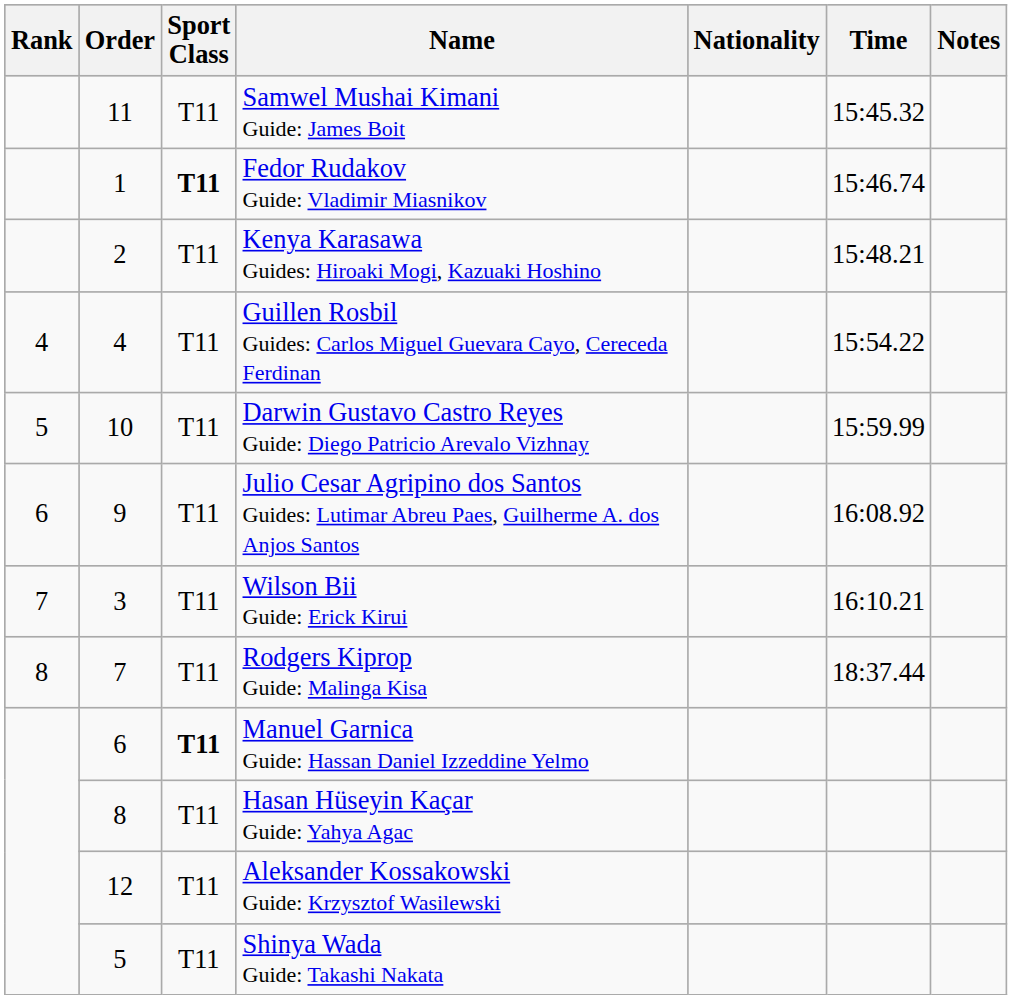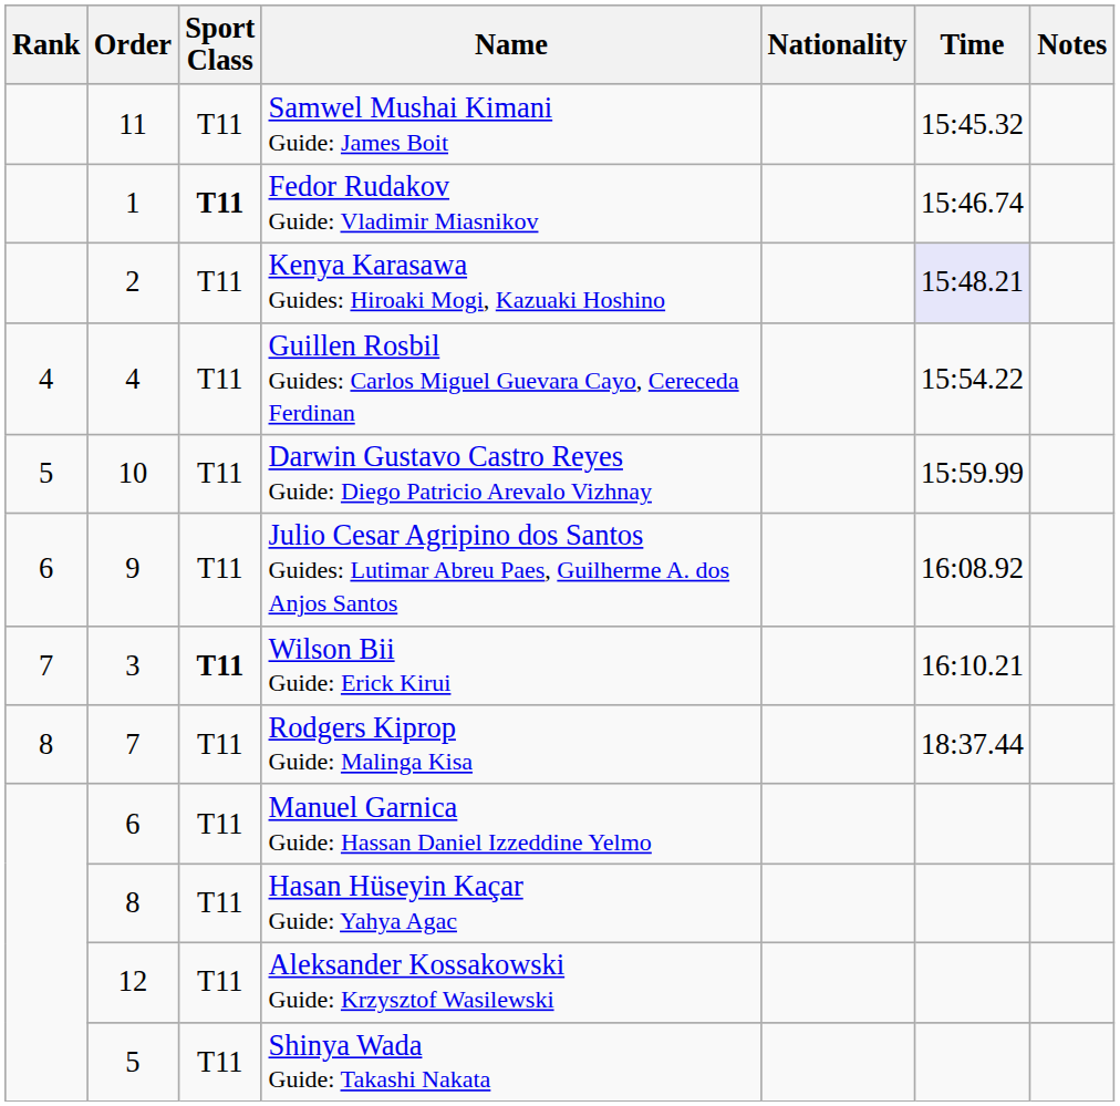 <table class="wikitable sortable" style="text-align:center">
 <tr>
 <th>Rank</th>
 <th>Order</th>
 <th>Sport<br>Class</th>
 <th>Name</th>
 <th>Nationality</th>
 <th>Time</th>
 <th>Notes</th>
 </tr>
 <tr>
 <td></td>
 <td>11</td>
 <td>T11</td>
 <td align="left"><a href='#'>Samwel Mushai Kimani</a><br><small>Guide: <a href='#'>James Boit</a></small></td>
 <td align="left"></td>
 <td>15:45.32</td>
 <td></td>
 </tr>
 <tr>
 <td></td>
 <td>1</td>
 <td><strong>T11</strong></td>
 <td align="left"><a href='#'>Fedor Rudakov</a><br><small>Guide: <a href='#'>Vladimir Miasnikov</a></small></td>
 <td align="left"></td>
 <td>15:46.74</td>
 <td></td>
 </tr>
 <tr>
 <td></td>
 <td>2</td>
 <td>T11</td>
 <td align="left"><a href='#'>Kenya Karasawa</a><br><small>Guides: <a href='#'>Hiroaki Mogi</a>, <a href='#'>Kazuaki Hoshino</a></small></td>
 <td align="left"></td>
-<td>15:48.21</td>
+<td style="background: lavender;">15:48.21</td>
 <td></td>
 </tr>
 <tr>
 <td>4</td>
 <td>4</td>
 <td>T11</td>
 <td align="left"><a href='#'>Guillen Rosbil</a><br><small>Guides: <a href='#'>Carlos Miguel Guevara Cayo</a>, <a href='#'>Cereceda Ferdinan</a></small></td>
 <td align="left"></td>
 <td>15:54.22</td>
 <td></td>
 </tr>
 <tr>
 <td>5</td>
 <td>10</td>
 <td>T11</td>
 <td align="left"><a href='#'>Darwin Gustavo Castro Reyes</a><br><small>Guide: <a href='#'>Diego Patricio Arevalo Vizhnay</a></small></td>
 <td align="left"></td>
 <td>15:59.99</td>
 <td></td>
 </tr>
 <tr>
 <td>6</td>
 <td>9</td>
 <td>T11</td>
 <td align="left"><a href='#'>Julio Cesar Agripino dos Santos</a><br><small>Guides: <a href='#'>Lutimar Abreu Paes</a>, <a href='#'>Guilherme A. dos Anjos Santos</a></small></td>
 <td align="left"></td>
 <td>16:08.92</td>
 <td></td>
 </tr>
 <tr>
 <td>7</td>
 <td>3</td>
-<td>T11</td>
+<td><strong>T11</strong></td>
 <td align="left"><a href='#'>Wilson Bii</a><br><small>Guide: <a href='#'>Erick Kirui</a></small></td>
 <td align="left"></td>
 <td>16:10.21</td>
 <td></td>
 </tr>
 <tr>
 <td>8</td>
 <td>7</td>
 <td>T11</td>
 <td align="left"><a href='#'>Rodgers Kiprop</a><br><small>Guide: <a href='#'>Malinga Kisa</a></small></td>
 <td align="left"></td>
 <td>18:37.44</td>
 <td></td>
 </tr>
 <tr>
 <td rowspan="4"></td>
 <td>6</td>
-<td><strong>T11</strong></td>
+<td>T11</td>
 <td align="left"><a href='#'>Manuel Garnica</a><br><small>Guide: <a href='#'>Hassan Daniel Izzeddine Yelmo</a></small></td>
 <td align="left"></td>
 <td></td>
 <td></td>
 </tr>
 <tr>
 <td>8</td>
 <td>T11</td>
 <td align="left"><a href='#'>Hasan Hüseyin Kaçar</a><br><small>Guide: <a href='#'>Yahya Agac</a></small></td>
 <td align="left"></td>
 <td></td>
 <td></td>
 </tr>
 <tr>
 <td>12</td>
 <td>T11</td>
 <td align="left"><a href='#'>Aleksander Kossakowski</a><br><small>Guide: <a href='#'>Krzysztof Wasilewski</a></small></td>
 <td align="left"></td>
 <td></td>
 <td></td>
 </tr>
 <tr>
 <td>5</td>
 <td>T11</td>
 <td align="left"><a href='#'>Shinya Wada</a><br><small>Guide: <a href='#'>Takashi Nakata</a></small></td>
 <td align="left"></td>
 <td></td>
 <td></td>
 </tr>
 </table>
